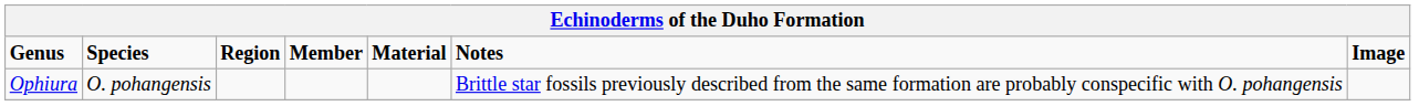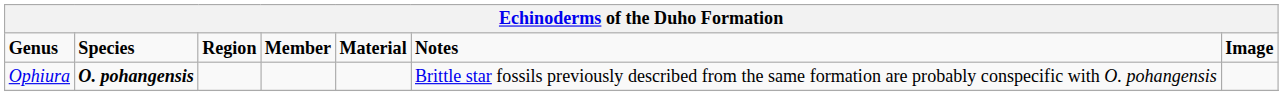 <table class="wikitable">
 <tr>
 <th colspan="7"><a href='#'>Echinoderms</a> of the Duho Formation</th>
 </tr>
 <tr>
 <td><strong>Genus</strong></td>
 <td><strong>Species</strong></td>
 <td><strong>Region</strong></td>
 <td><strong>Member</strong></td>
 <td><strong>Material</strong></td>
 <td><strong>Notes</strong></td>
 <td><strong>Image</strong></td>
 </tr>
 <tr>
 <td><em><a href='#'>Ophiura</a></em></td>
-<td><em>O. pohangensis</em></td>
+<td><strong><em>O. pohangensis</em></strong></td>
 <td></td>
 <td></td>
 <td></td>
 <td><a href='#'>Brittle star</a> fossils previously described from the same formation are probably conspecific with <em>O. pohangensis</em></td>
 <td></td>
 </tr>
 <tr>
 </tr>
 </table>
